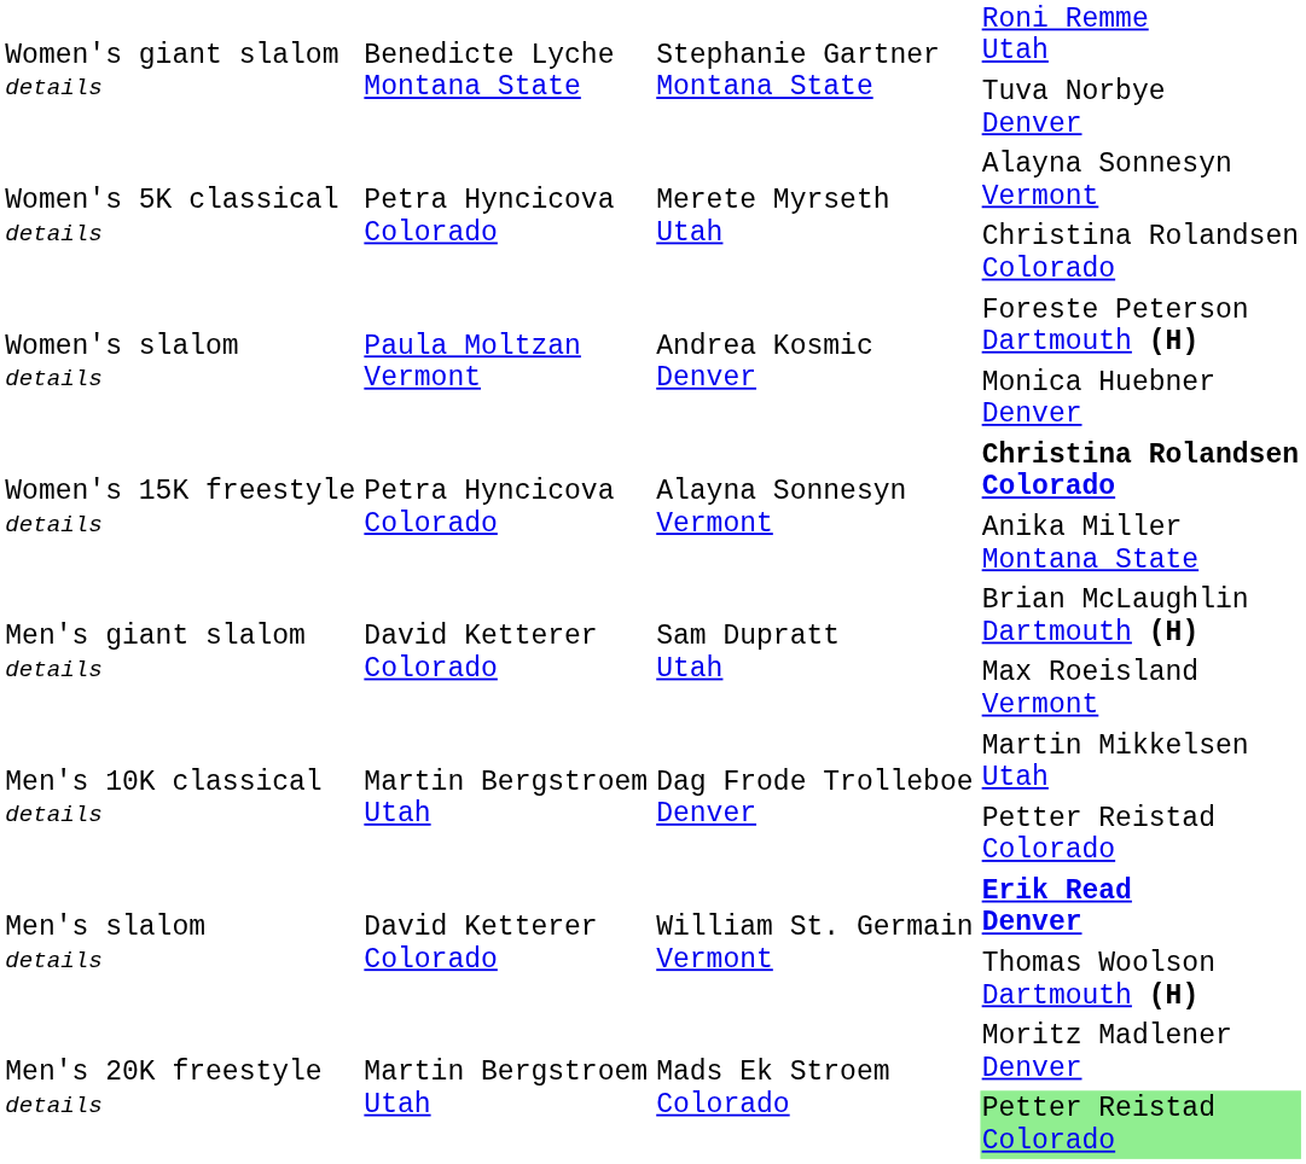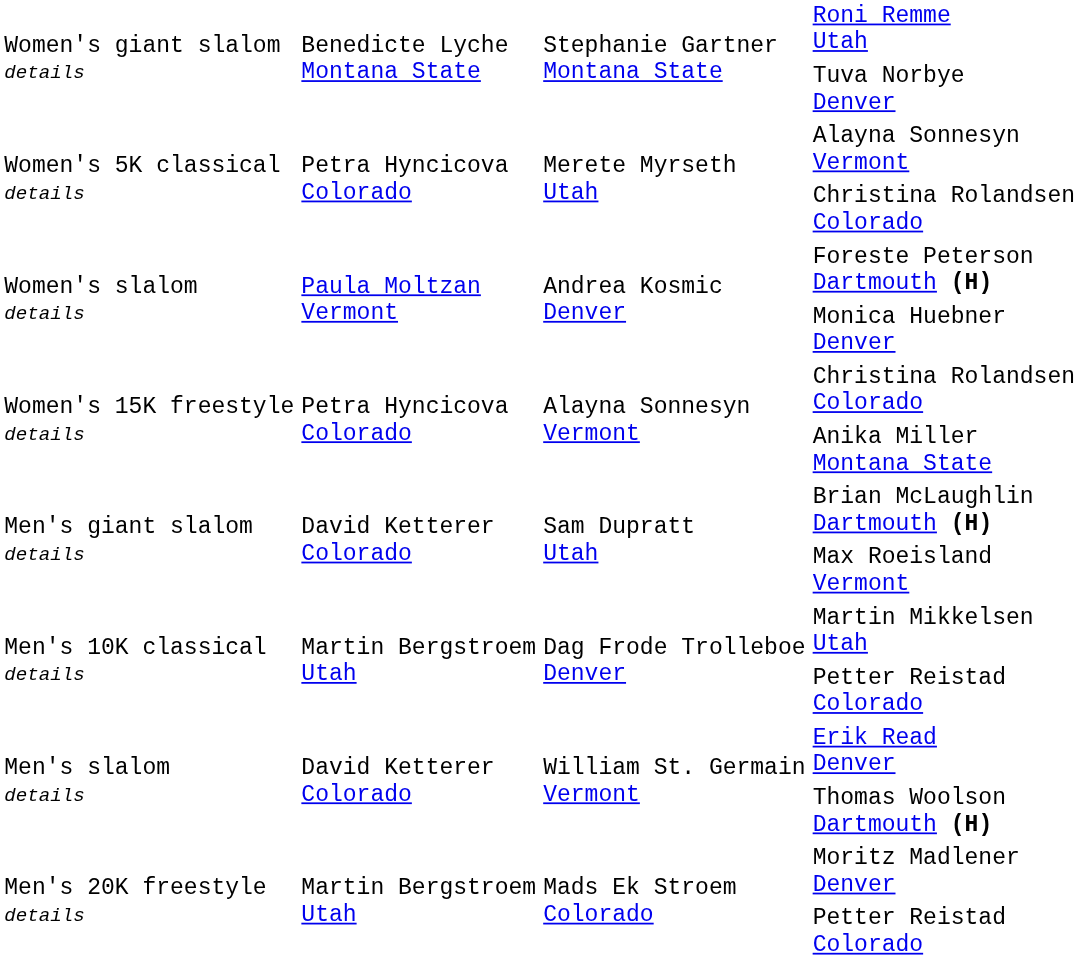 <table>
 <tr>
 <td rowspan=2>Women's giant slalom<br><small><em>details</em></small></td>
 <td rowspan=2>Benedicte Lyche<br> <a href='#'>Montana State</a></td>
 <td rowspan=2>Stephanie Gartner<br> <a href='#'>Montana State</a></td>
 <td><a href='#'>Roni Remme</a><br> <a href='#'>Utah</a></td>
 </tr>
 <tr>
 <td>Tuva Norbye<br> <a href='#'>Denver</a></td>
 </tr>
 <tr>
 <td rowspan=2>Women's 5K classical<br><small><em>details</em></small></td>
 <td rowspan=2>Petra Hyncicova<br> <a href='#'>Colorado</a></td>
 <td rowspan=2>Merete Myrseth<br> <a href='#'>Utah</a></td>
 <td>Alayna Sonnesyn<br> <a href='#'>Vermont</a></td>
 </tr>
 <tr>
 <td>Christina Rolandsen<br> <a href='#'>Colorado</a></td>
 </tr>
 <tr>
 <td rowspan=2>Women's slalom<br><small><em>details</em></small></td>
 <td rowspan=2><a href='#'>Paula Moltzan</a><br> <a href='#'>Vermont</a></td>
 <td rowspan=2>Andrea Kosmic<br> <a href='#'>Denver</a></td>
 <td>Foreste Peterson<br> <a href='#'>Dartmouth</a> <strong>(H)</strong></td>
 </tr>
 <tr>
 <td>Monica Huebner<br> <a href='#'>Denver</a></td>
 </tr>
 <tr>
 <td rowspan=2>Women's 15K freestyle<br><small><em>details</em></small></td>
 <td rowspan=2>Petra Hyncicova<br> <a href='#'>Colorado</a></td>
 <td rowspan=2>Alayna Sonnesyn<br> <a href='#'>Vermont</a></td>
-<td><strong>Christina Rolandsen<br> <a href='#'>Colorado</a></strong></td>
+<td>Christina Rolandsen<br> <a href='#'>Colorado</a></td>
 </tr>
 <tr>
 <td>Anika Miller<br> <a href='#'>Montana State</a></td>
 </tr>
 <tr>
 <td rowspan=2>Men's giant slalom<br><small><em>details</em></small></td>
 <td rowspan=2>David Ketterer<br> <a href='#'>Colorado</a></td>
 <td rowspan=2>Sam Dupratt<br> <a href='#'>Utah</a></td>
 <td>Brian McLaughlin<br> <a href='#'>Dartmouth</a> <strong>(H)</strong></td>
 </tr>
 <tr>
 <td>Max Roeisland<br> <a href='#'>Vermont</a></td>
 </tr>
 <tr>
 <td rowspan=2>Men's 10K classical<br><small><em>details</em></small></td>
 <td rowspan=2>Martin Bergstroem<br> <a href='#'>Utah</a></td>
 <td rowspan=2>Dag Frode Trolleboe<br> <a href='#'>Denver</a></td>
 <td>Martin Mikkelsen<br> <a href='#'>Utah</a></td>
 </tr>
 <tr>
 <td>Petter Reistad<br> <a href='#'>Colorado</a></td>
 </tr>
 <tr>
 <td rowspan=2>Men's slalom<br><small><em>details</em></small></td>
 <td rowspan=2>David Ketterer<br> <a href='#'>Colorado</a></td>
 <td rowspan=2>William St. Germain<br> <a href='#'>Vermont</a></td>
-<td><strong><a href='#'>Erik Read</a><br> <a href='#'>Denver</a></strong></td>
+<td><a href='#'>Erik Read</a><br> <a href='#'>Denver</a></td>
 </tr>
 <tr>
 <td>Thomas Woolson<br> <a href='#'>Dartmouth</a> <strong>(H)</strong></td>
 </tr>
 <tr>
 <td rowspan=2>Men's 20K freestyle<br><small><em>details</em></small></td>
 <td rowspan=2>Martin Bergstroem<br> <a href='#'>Utah</a></td>
 <td rowspan=2>Mads Ek Stroem<br> <a href='#'>Colorado</a></td>
 <td>Moritz Madlener<br> <a href='#'>Denver</a></td>
 </tr>
 <tr>
-<td style="background: lightgreen;">Petter Reistad<br> <a href='#'>Colorado</a></td>
+<td>Petter Reistad<br> <a href='#'>Colorado</a></td>
 </tr>
 <tr>
 </tr>
 </table>
